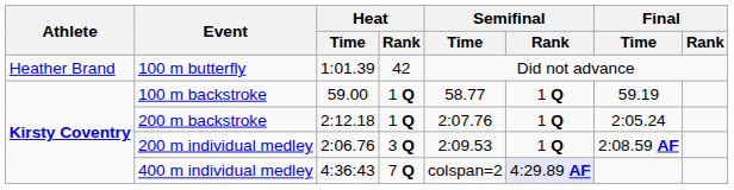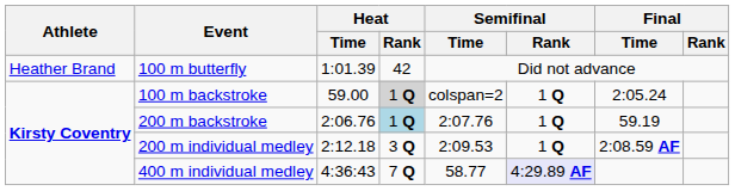 <table class=wikitable style="font-size:90%">
 <tr>
 <th rowspan="2">Athlete</th>
 <th rowspan="2">Event</th>
 <th colspan="2">Heat</th>
 <th colspan="2">Semifinal</th>
 <th colspan="2">Final</th>
 </tr>
 <tr style="font-size:95%">
 <th>Time</th>
 <th>Rank</th>
 <th>Time</th>
 <th>Rank</th>
 <th>Time</th>
 <th>Rank</th>
 </tr>
 <tr align=center>
 <td align=left><a href='#'>Heather Brand</a></td>
 <td align=left><a href='#'>100 m butterfly</a></td>
 <td>1:01.39</td>
 <td>42</td>
 <td colspan=4>Did not advance</td>
 </tr>
 <tr align=center>
 <td align=left rowspan=4><strong><a href='#'>Kirsty Coventry</a></strong></td>
 <td align=left><a href='#'>100 m backstroke</a></td>
 <td>59.00 </td>
+<td style="background: lightgrey;">1 <strong>Q</strong></td>
+<td>colspan=2 </td>
 <td>1 <strong>Q</strong></td>
-<td>58.77 </td>
+<td>2:05.24 </td>
+<td></td>
+</tr>
+<tr align=center>
+<td align=left><a href='#'>200 m backstroke</a></td>
+<td>2:06.76 </td>
+<td style="background: lightblue;">1 <strong>Q</strong></td>
+<td>2:07.76</td>
 <td>1 <strong>Q</strong></td>
 <td>59.19</td>
 <td></td>
 </tr>
 <tr align=center>
-<td align=left><a href='#'>200 m backstroke</a></td>
+<td align=left><a href='#'>200 m individual medley</a></td>
 <td>2:12.18</td>
-<td>1 <strong>Q</strong></td>
-<td>2:07.76</td>
-<td>1 <strong>Q</strong></td>
-<td>2:05.24 </td>
-<td></td>
-</tr>
-<tr align=center>
-<td align=left><a href='#'>200 m individual medley</a></td>
-<td>2:06.76 </td>
 <td>3 <strong>Q</strong></td>
 <td>2:09.53 </td>
 <td>1 <strong>Q</strong></td>
 <td>2:08.59 <strong><a href='#'>AF</a></strong></td>
 <td></td>
 </tr>
 <tr align=center>
 <td align=left><a href='#'>400 m individual medley</a></td>
 <td>4:36:43</td>
 <td>7 <strong>Q</strong></td>
-<td>colspan=2 </td>
+<td>58.77 </td>
 <td style="background: lavender;">4:29.89 <strong><a href='#'>AF</a></strong></td>
 <td></td>
 </tr>
 </table>
